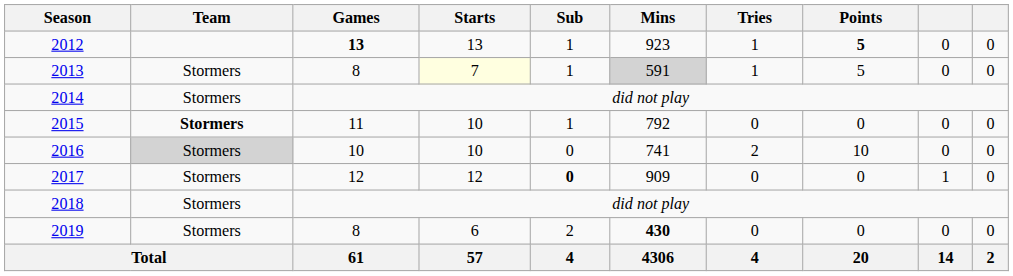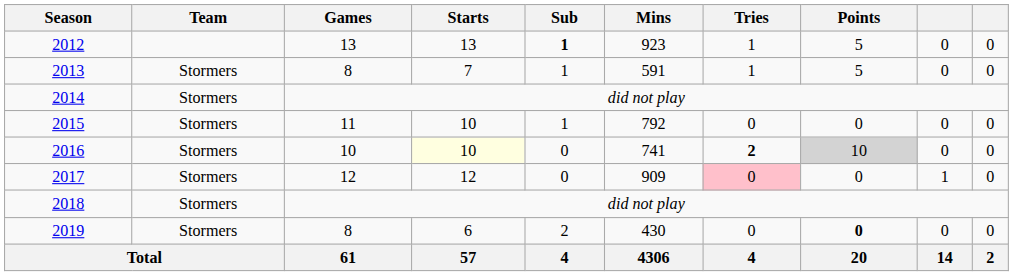 <table class="wikitable" style="text-align:center; font-size:95%; width:75%;">
 <tr>
 <th>Season</th>
 <th>Team</th>
 <th>Games</th>
 <th>Starts</th>
 <th>Sub</th>
 <th>Mins</th>
 <th>Tries</th>
 <th>Points</th>
 <th></th>
 <th></th>
 </tr>
 <tr>
 <td><a href='#'>2012</a></td>
 <td></td>
-<td><strong>13</strong></td>
 <td>13</td>
-<td>1</td>
+<td>13</td>
+<td><strong>1</strong></td>
 <td>923</td>
 <td>1</td>
-<td><strong>5</strong></td>
+<td>5</td>
 <td>0</td>
 <td>0</td>
 </tr>
 <tr>
 <td><a href='#'>2013</a></td>
 <td>Stormers</td>
 <td>8</td>
-<td style="background: lightyellow;">7</td>
+<td>7</td>
 <td>1</td>
-<td style="background: lightgrey;">591</td>
+<td>591</td>
 <td>1</td>
 <td>5</td>
 <td>0</td>
 <td>0</td>
 </tr>
 <tr>
 <td><a href='#'>2014</a></td>
 <td>Stormers</td>
 <td colspan="8"><em>did not play</em></td>
 </tr>
 <tr>
 <td><a href='#'>2015</a></td>
-<td><strong>Stormers</strong></td>
+<td>Stormers</td>
 <td>11</td>
 <td>10</td>
 <td>1</td>
 <td>792</td>
 <td>0</td>
 <td>0</td>
 <td>0</td>
 <td>0</td>
 </tr>
 <tr>
 <td><a href='#'>2016</a></td>
-<td style="background: lightgrey;">Stormers</td>
+<td>Stormers</td>
 <td>10</td>
-<td>10</td>
+<td style="background: lightyellow;">10</td>
 <td>0</td>
 <td>741</td>
-<td>2</td>
-<td>10</td>
+<td><strong>2</strong></td>
+<td style="background: lightgrey;">10</td>
 <td>0</td>
 <td>0</td>
 </tr>
 <tr>
 <td><a href='#'>2017</a></td>
 <td>Stormers</td>
 <td>12</td>
 <td>12</td>
-<td><strong>0</strong></td>
+<td>0</td>
 <td>909</td>
-<td>0</td>
+<td style="background: pink;">0</td>
 <td>0</td>
 <td>1</td>
 <td>0</td>
 </tr>
 <tr>
 <td><a href='#'>2018</a></td>
 <td>Stormers</td>
 <td colspan="8"><em>did not play</em></td>
 </tr>
 <tr>
 <td><a href='#'>2019</a></td>
 <td>Stormers</td>
 <td>8</td>
 <td>6</td>
 <td>2</td>
-<td><strong>430</strong></td>
+<td>430</td>
 <td>0</td>
-<td>0</td>
+<td><strong>0</strong></td>
 <td>0</td>
 <td>0</td>
 </tr>
 <tr>
 <th colspan="2">Total</th>
 <th>61</th>
 <th>57</th>
 <th>4</th>
 <th>4306</th>
 <th>4</th>
 <th>20</th>
 <th>14</th>
 <th>2</th>
 </tr>
 </table>
